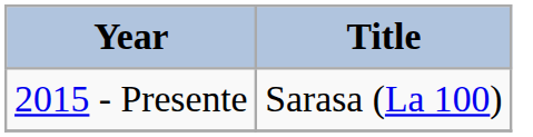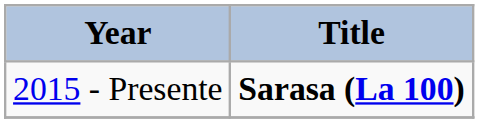 <table class="wikitable" style="font-size: 90%;">
 <tr>
 <th style="background:#B0C4DE;">Year</th>
 <th style="background:#B0C4DE;">Title</th>
 </tr>
 <tr>
 <td><a href='#'>2015</a> - Presente</td>
-<td>Sarasa (<a href='#'>La 100</a>)</td>
+<td><strong>Sarasa (<a href='#'>La 100</a>)</strong></td>
 </tr>
 <tr>
 </tr>
 </table>
